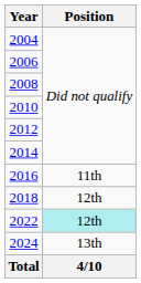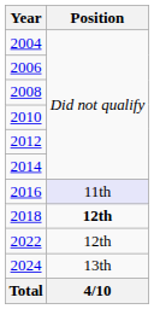 <table class="wikitable" style="text-align: center;">
 <tr>
 <th>Year</th>
 <th>Position</th>
 </tr>
 <tr>
 <td> <a href='#'>2004</a></td>
 <td rowspan=6><em>Did not qualify</em></td>
 </tr>
 <tr>
 <td> <a href='#'>2006</a></td>
 </tr>
 <tr>
 <td> <a href='#'>2008</a></td>
 </tr>
 <tr>
 <td> <a href='#'>2010</a></td>
 </tr>
 <tr>
 <td> <a href='#'>2012</a></td>
 </tr>
 <tr>
 <td> <a href='#'>2014</a></td>
 </tr>
 <tr>
 <td> <a href='#'>2016</a></td>
-<td>11th</td>
+<td style="background: lavender;">11th</td>
 </tr>
 <tr>
 <td> <a href='#'>2018</a></td>
-<td>12th</td>
+<td><strong>12th</strong></td>
 </tr>
 <tr>
 <td> <a href='#'>2022</a></td>
-<td style="background: paleturquoise;">12th</td>
+<td>12th</td>
 </tr>
 <tr>
 <td> <a href='#'>2024</a></td>
 <td>13th</td>
 </tr>
 <tr>
 <th>Total</th>
 <th>4/10</th>
 </tr>
 </table>
